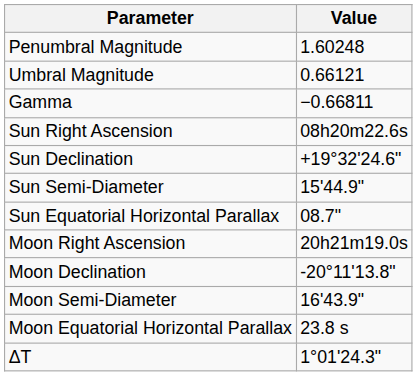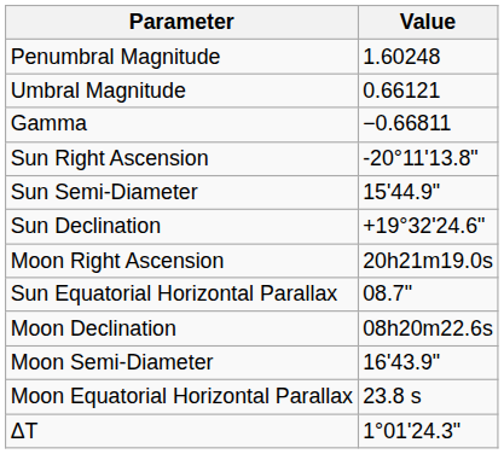 <table class="wikitable">
 <tr>
 <th>Parameter</th>
 <th>Value</th>
 </tr>
 <tr>
 <td>Penumbral Magnitude</td>
 <td>1.60248</td>
 </tr>
 <tr>
 <td>Umbral Magnitude</td>
 <td>0.66121</td>
 </tr>
 <tr>
 <td>Gamma</td>
 <td>−0.66811</td>
 </tr>
 <tr>
 <td>Sun Right Ascension</td>
-<td>08h20m22.6s</td>
+<td>-20°11'13.8"</td>
+</tr>
+<tr>
+<td>Sun Semi-Diameter</td>
+<td>15'44.9"</td>
 </tr>
 <tr>
 <td>Sun Declination</td>
 <td>+19°32'24.6"</td>
 </tr>
 <tr>
-<td>Sun Semi-Diameter</td>
-<td>15'44.9"</td>
+<td>Moon Right Ascension</td>
+<td>20h21m19.0s</td>
 </tr>
 <tr>
 <td>Sun Equatorial Horizontal Parallax</td>
 <td>08.7"</td>
 </tr>
 <tr>
-<td>Moon Right Ascension</td>
-<td>20h21m19.0s</td>
-</tr>
-<tr>
 <td>Moon Declination</td>
-<td>-20°11'13.8"</td>
+<td>08h20m22.6s</td>
 </tr>
 <tr>
 <td>Moon Semi-Diameter</td>
 <td>16'43.9"</td>
 </tr>
 <tr>
 <td>Moon Equatorial Horizontal Parallax</td>
 <td>23.8 s</td>
 </tr>
 <tr>
 <td>ΔT</td>
 <td>1°01'24.3"</td>
 </tr>
 </table>
